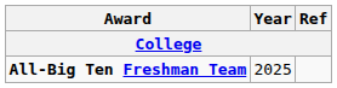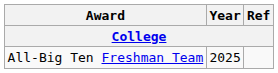 <table class="wikitable">
 <tr>
 <th>Award</th>
 <th>Year</th>
 <th>Ref</th>
 </tr>
 <tr>
 <th colspan="3"><a href='#'>College</a></th>
 </tr>
 <tr>
-<td><strong>All-Big Ten <a href='#'>Freshman Team</a></strong></td>
+<td>All-Big Ten <a href='#'>Freshman Team</a></td>
 <td>2025</td>
 <td></td>
 </tr>
 </table>
